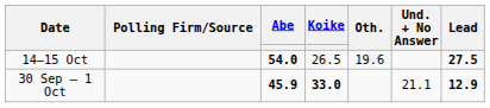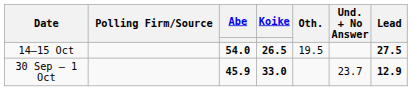 <table class="wikitable collapsible collapsed" style="text-align:center;font-size:100%;line-height:14px">
 <tr style="height:42px;">
 <th style="width:100px;" rowspan="2">Date</th>
 <th style="width:160px;" rowspan="2">Polling Firm/Source</th>
 <th style="width:40px;"><a href='#'>Abe</a></th>
 <th style="width:40px;"><a href='#'>Koike</a></th>
 <th style="width:40px;" rowspan="2">Oth.</th>
 <th style="width:40px;" rowspan="2">Und.<br>+ No<br>Answer</th>
 <th style="width:40px;" rowspan="2">Lead</th>
 </tr>
 <tr>
 <th style="color:inherit;background:"></th>
 <th style="color:inherit;background:"></th>
 </tr>
 <tr>
 <td>14–15 Oct</td>
 <td></td>
 <td><strong>54.0</strong></td>
-<td>26.5</td>
-<td>19.6</td>
+<td><strong>26.5</strong></td>
+<td>19.5</td>
 <td></td>
 <td style="background:"><strong>27.5</strong></td>
 </tr>
 <tr>
 <td>30 Sep – 1 Oct</td>
 <td> </td>
 <td><strong>45.9</strong></td>
 <td><strong>33.0</strong></td>
 <td></td>
-<td>21.1</td>
+<td>23.7</td>
 <td style="background:"><strong>12.9</strong></td>
 </tr>
 </table>
